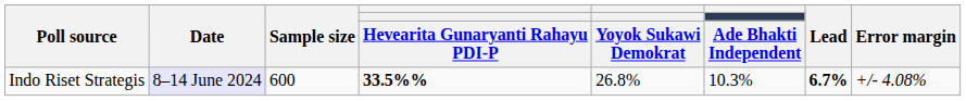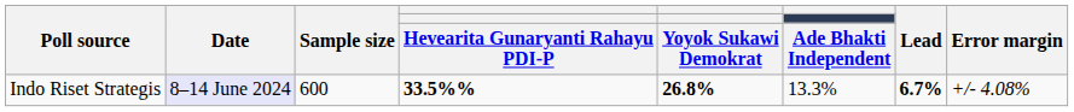 <table class="wikitable sortable">
 <tr>
 <th rowspan="3">Poll source</th>
 <th rowspan="3">Date</th>
 <th rowspan="3">Sample size</th>
 <th></th>
 <th></th>
 <th></th>
 <th rowspan="3">Lead</th>
 <th rowspan="3">Error margin</th>
 </tr>
 <tr>
 <th style="background:"></th>
 <th style="background:"></th>
 <th style="background:#2B3A55;"></th>
 </tr>
 <tr>
 <th><a href='#'>Hevearita Gunaryanti Rahayu</a><br> <a href='#'>PDI-P</a></th>
 <th><a href='#'>Yoyok Sukawi</a><br> <a href='#'>Demokrat</a></th>
 <th><a href='#'>Ade Bhakti</a><br> <a href='#'>Independent</a></th>
 </tr>
 <tr>
 <td>Indo Riset Strategis</td>
 <td style="background: lavender;">8–14 June 2024</td>
 <td>600</td>
 <td style="background:#"><strong>33.5%%</strong> </td>
-<td>26.8% </td>
-<td>10.3% </td>
+<td><strong>26.8% </strong></td>
+<td>13.3% </td>
 <td style="background:"><strong>6.7%</strong></td>
 <td><em>+/- 4.08%</em></td>
 </tr>
 </table>
